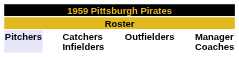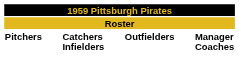 <table class="toccolours" style="font-size: 95%;">
 <tr>
 <th colspan="10" style="background-color: black; color: #e1b81e; text-align: center;">1959 Pittsburgh Pirates</th>
 </tr>
 <tr>
 <td colspan="10" style="background-color: #e1b81e; color: black; text-align: center;"><strong>Roster</strong></td>
 </tr>
 <tr>
-<td valign="top" style="background: lavender;"><strong>Pitchers</strong><br>                </td>
+<td valign="top"><strong>Pitchers</strong><br>                </td>
 <td width="25px"></td>
 <td valign="top"><strong>Catchers</strong><br>    <strong>Infielders</strong>         </td>
 <td width="25px"></td>
 <td valign="top"><strong>Outfielders</strong><br>      </td>
 <td width="25px"></td>
 <td valign="top"><strong>Manager</strong><br> <strong>Coaches</strong>      </td>
 </tr>
 </table>
